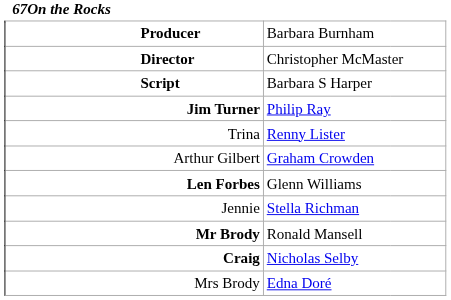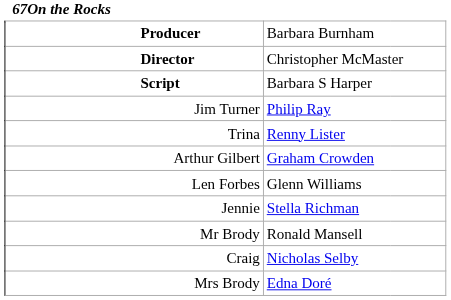 <table class="wikitable mw-collapsible mw-collapsed" style="vertical-align:top;margin:auto 2em;line-height:1.2;min-width:33em;display: inline-table;background-color:inherit;border:none;">
 <tr>
 <td class=unsortable style="border:hidden;line-height:1.67;text-align:center;margin-left:-1em;padding-left:0.5em;min-width:1.0em;"></td>
 <td class=unsortable style="border:none;padding-left:0.5em;text-align:left;min-width:16.5em;font-weight:700;font-style:italic;">67On the Rocks</td>
 <td class=unsortable style="border:none;text-align:right;font-weight:normal;font-family:Courier;font-size:95%;letter-spacing:-1pt;min-width:8.5em;padding-right:0.2em;"></td>
 <td class=unsortable style="border:hidden;min-width:3.5em;padding-left:0;"></td>
 <td class=unsortable style="border:hidden;min-width:3.5em;font-size:95%;"></td>
 </tr>
 <tr>
 <td rowspan=100 style="border:none thin;border-right-style :solid;"></td>
 </tr>
 <tr>
 <td style="text-align:left;padding-left:9.0em;font-weight:bold;">Producer</td>
 <td colspan=2>Barbara Burnham</td>
 </tr>
 <tr>
 <td style="text-align:left;padding-left:9.0em;font-weight:bold;">Director</td>
 <td colspan=2>Christopher McMaster</td>
 </tr>
 <tr>
 <td style="text-align:left;padding-left:9.0em;font-weight:bold;">Script</td>
 <td colspan=2>Barbara S Harper</td>
 </tr>
 <tr>
-<td style="text-align:right;"><strong>Jim Turner</strong></td>
+<td style="text-align:right;">Jim Turner</td>
 <td colspan=2><a href='#'>Philip Ray</a></td>
 </tr>
 <tr>
 <td style="text-align:right;">Trina</td>
 <td colspan=2><a href='#'>Renny Lister</a></td>
 </tr>
 <tr>
 <td style="text-align:right;">Arthur Gilbert</td>
 <td colspan=2><a href='#'>Graham Crowden</a></td>
 </tr>
 <tr>
-<td style="text-align:right;"><strong>Len Forbes</strong></td>
+<td style="text-align:right;">Len Forbes</td>
 <td colspan=2>Glenn Williams</td>
 </tr>
 <tr>
 <td style="text-align:right;">Jennie</td>
 <td colspan=2><a href='#'>Stella Richman</a></td>
 </tr>
 <tr>
-<td style="text-align:right;"><strong>Mr Brody</strong></td>
+<td style="text-align:right;">Mr Brody</td>
 <td colspan=2>Ronald Mansell</td>
 </tr>
 <tr>
-<td style="text-align:right;"><strong>Craig</strong></td>
+<td style="text-align:right;">Craig</td>
 <td colspan=2><a href='#'>Nicholas Selby</a></td>
 </tr>
 <tr>
 <td style="text-align:right;">Mrs Brody</td>
 <td colspan=2><a href='#'>Edna Doré</a></td>
 </tr>
 </table>
